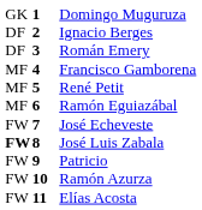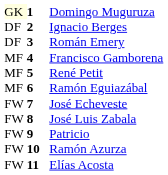 <table cellspacing="0" cellpadding="0" style="font-size:90%; margin:0.2em auto;">
 <tr>
 <th width="25"></th>
 <th width="25"></th>
 </tr>
 <tr>
-<td>GK</td>
+<td style="background: lightyellow;">GK</td>
 <td><strong>1</strong></td>
 <td> <a href='#'>Domingo Muguruza</a></td>
 </tr>
 <tr>
 <td>DF</td>
 <td><strong>2</strong></td>
 <td> <a href='#'>Ignacio Berges</a></td>
 </tr>
 <tr>
 <td>DF</td>
 <td><strong>3</strong></td>
 <td> <a href='#'>Román Emery</a></td>
 </tr>
 <tr>
 <td>MF</td>
 <td><strong>4</strong></td>
 <td> <a href='#'>Francisco Gamborena</a></td>
 </tr>
 <tr>
 <td>MF</td>
 <td><strong>5</strong></td>
 <td> <a href='#'>René Petit</a></td>
 </tr>
 <tr>
 <td>MF</td>
 <td><strong>6</strong></td>
 <td> <a href='#'>Ramón Eguiazábal</a></td>
 </tr>
 <tr>
 <td>FW</td>
 <td><strong>7</strong></td>
 <td> <a href='#'>José Echeveste</a></td>
 </tr>
 <tr>
-<td><strong>FW</strong></td>
+<td>FW</td>
 <td><strong>8</strong></td>
 <td> <a href='#'>José Luis Zabala</a></td>
 </tr>
 <tr>
 <td>FW</td>
 <td><strong>9</strong></td>
 <td> <a href='#'>Patricio</a></td>
 </tr>
 <tr>
 <td>FW</td>
 <td><strong>10</strong></td>
 <td> <a href='#'>Ramón Azurza</a></td>
 </tr>
 <tr>
 <td>FW</td>
 <td><strong>11</strong></td>
 <td> <a href='#'>Elías Acosta</a></td>
 </tr>
 <tr>
 <td colspan=3></td>
 </tr>
 <tr>
 <td colspan=4></td>
 </tr>
 </table>
